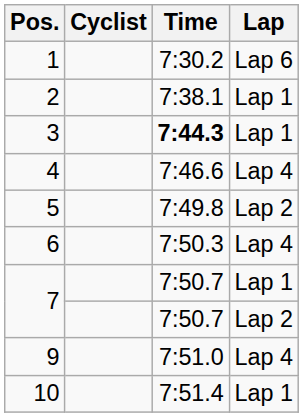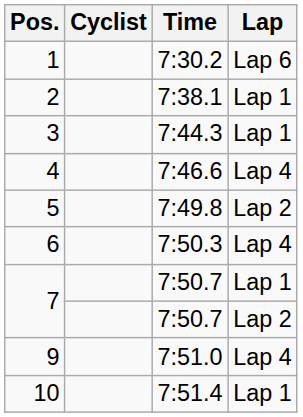 <table class="wikitable">
 <tr>
 <th>Pos.</th>
 <th>Cyclist</th>
 <th>Time</th>
 <th>Lap</th>
 </tr>
 <tr>
 <td align=right>1</td>
 <td></td>
 <td align=right>7:30.2</td>
 <td>Lap 6</td>
 </tr>
 <tr>
 <td align=right>2</td>
 <td></td>
 <td align=right>7:38.1</td>
 <td>Lap 1</td>
 </tr>
 <tr>
 <td align=right>3</td>
 <td></td>
-<td align=right><strong>7:44.3</strong></td>
+<td align=right>7:44.3</td>
 <td>Lap 1</td>
 </tr>
 <tr>
 <td align=right>4</td>
 <td></td>
 <td align=right>7:46.6</td>
 <td>Lap 4</td>
 </tr>
 <tr>
 <td align=right>5</td>
 <td></td>
 <td align=right>7:49.8</td>
 <td>Lap 2</td>
 </tr>
 <tr>
 <td align=right>6</td>
 <td></td>
 <td align=right>7:50.3</td>
 <td>Lap 4</td>
 </tr>
 <tr>
 <td align=right rowspan=2>7</td>
 <td></td>
 <td align=right>7:50.7</td>
 <td>Lap 1</td>
 </tr>
 <tr>
 <td></td>
 <td align=right>7:50.7</td>
 <td>Lap 2</td>
 </tr>
 <tr>
 <td align=right>9</td>
 <td></td>
 <td align=right>7:51.0</td>
 <td>Lap 4</td>
 </tr>
 <tr>
 <td align=right>10</td>
 <td></td>
 <td align=right>7:51.4</td>
 <td>Lap 1</td>
 </tr>
 </table>
